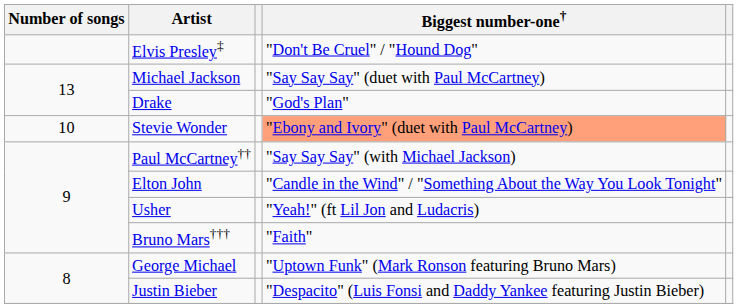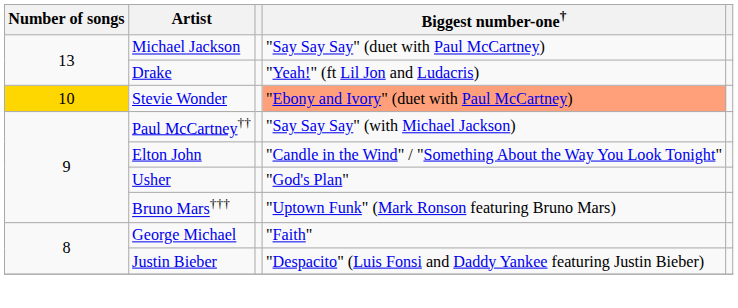 <table class="wikitable">
 <tr>
 <th>Number of songs</th>
 <th>Artist</th>
 <th></th>
 <th>Biggest number-one<sup>†</sup></th>
 <th></th>
-</tr>
-<tr>
-<td></td>
-<td><a href='#'>Elvis Presley</a><sup>‡</sup></td>
-<td></td>
-<td>"<a href='#'>Don't Be Cruel</a>" / "<a href='#'>Hound Dog</a>"</td>
-<td><br> </td>
 </tr>
 <tr>
 <td rowspan=2 style="text-align:center;">13</td>
 <td><a href='#'>Michael Jackson</a></td>
 <td></td>
 <td>"<a href='#'>Say Say Say</a>" (duet with <a href='#'>Paul McCartney</a>)</td>
 <td></td>
 </tr>
 <tr>
 <td><a href='#'>Drake</a></td>
 <td></td>
-<td>"<a href='#'>God's Plan</a>"</td>
+<td>"<a href='#'>Yeah!</a>" (ft <a href='#'>Lil Jon</a> and <a href='#'>Ludacris</a>)</td>
 <td></td>
 </tr>
 <tr>
-<td style="text-align:center;">10</td>
+<td style="background: gold; text-align:center;">10</td>
 <td><a href='#'>Stevie Wonder</a></td>
 <td></td>
 <td style="background: lightsalmon;">"<a href='#'>Ebony and Ivory</a>" (duet with <a href='#'>Paul McCartney</a>)</td>
 <td></td>
 </tr>
 <tr>
 <td rowspan=4 style="text-align:center;">9</td>
 <td><a href='#'>Paul McCartney</a><sup>††</sup></td>
 <td></td>
 <td>"<a href='#'>Say Say Say</a>" (with <a href='#'>Michael Jackson</a>)</td>
 <td></td>
 </tr>
 <tr>
 <td><a href='#'>Elton John</a></td>
 <td></td>
 <td>"<a href='#'>Candle in the Wind</a>" / "<a href='#'>Something About the Way You Look Tonight</a>"</td>
 <td></td>
 </tr>
 <tr>
 <td><a href='#'>Usher</a></td>
 <td></td>
-<td>"<a href='#'>Yeah!</a>" (ft <a href='#'>Lil Jon</a> and <a href='#'>Ludacris</a>)</td>
+<td>"<a href='#'>God's Plan</a>"</td>
 <td></td>
 </tr>
 <tr>
 <td><a href='#'>Bruno Mars</a><sup>†††</sup></td>
 <td></td>
-<td>"<a href='#'>Faith</a>"</td>
+<td>"<a href='#'>Uptown Funk</a>" (<a href='#'>Mark Ronson</a> featuring Bruno Mars)</td>
 <td></td>
 </tr>
 <tr>
 <td rowspan=2 style="text-align:center;">8</td>
 <td><a href='#'>George Michael</a></td>
 <td></td>
-<td>"<a href='#'>Uptown Funk</a>" (<a href='#'>Mark Ronson</a> featuring Bruno Mars)</td>
+<td>"<a href='#'>Faith</a>"</td>
 <td></td>
 </tr>
 <tr>
 <td><a href='#'>Justin Bieber</a></td>
 <td></td>
 <td>"<a href='#'>Despacito</a>" (<a href='#'>Luis Fonsi</a> and <a href='#'>Daddy Yankee</a> featuring Justin Bieber)</td>
 <td></td>
 </tr>
 <tr>
 </tr>
 </table>
